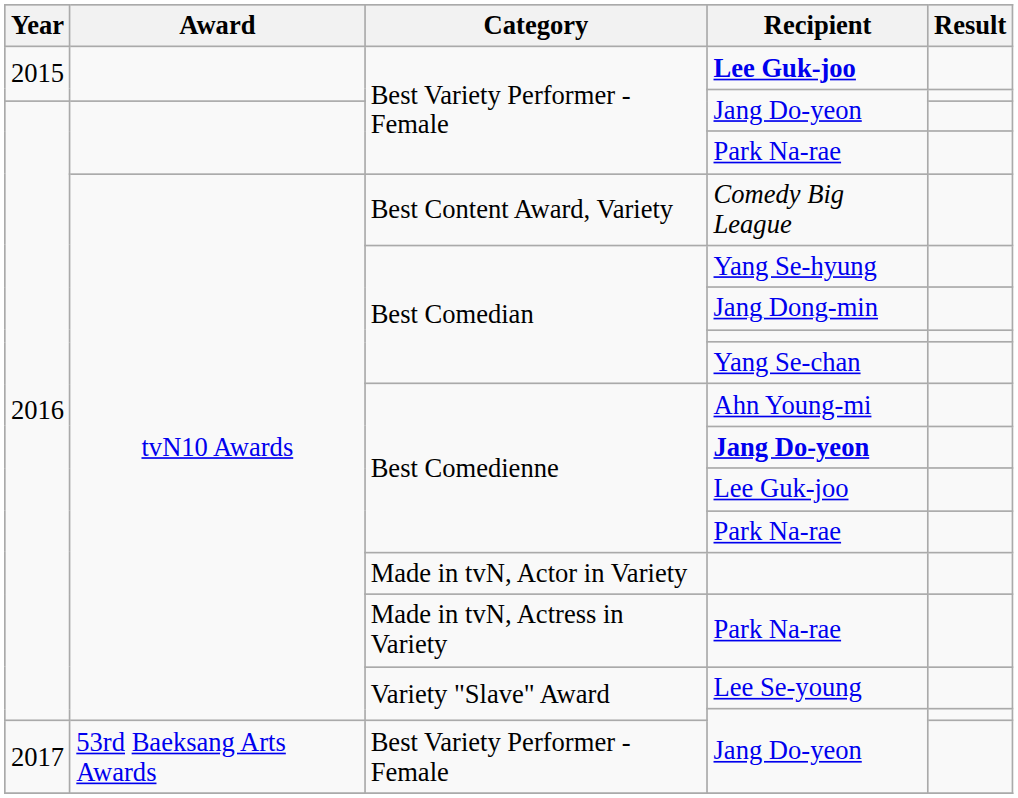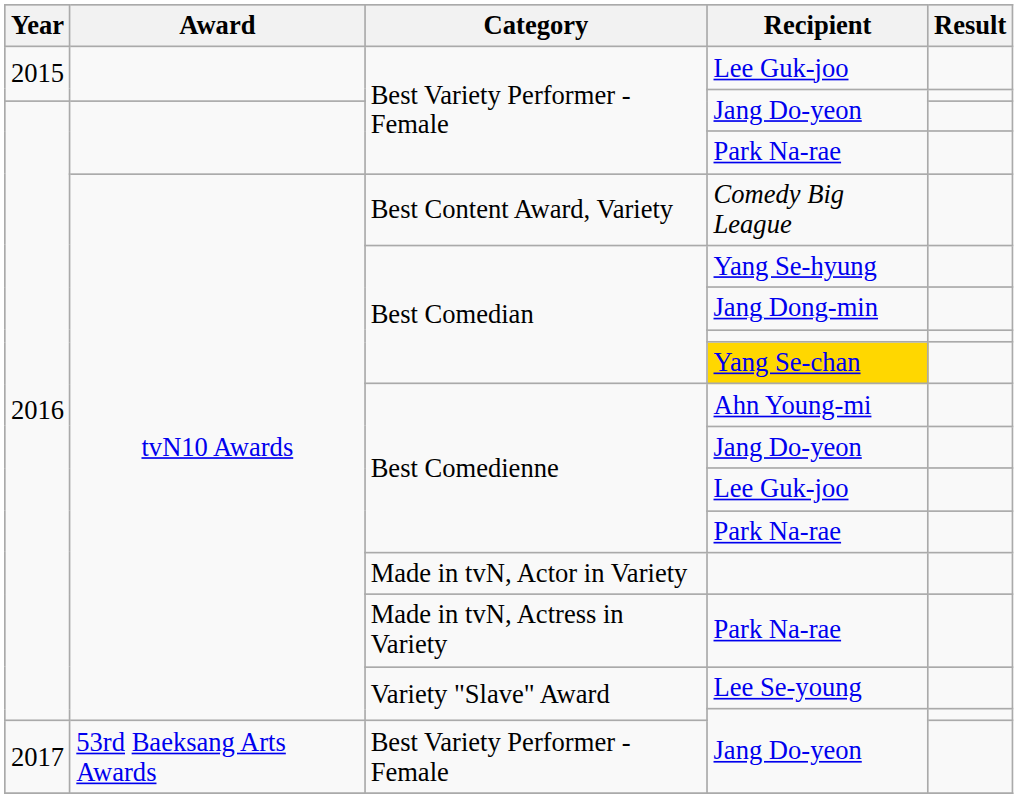 <table class=wikitable>
 <tr>
 <th>Year</th>
 <th>Award</th>
 <th>Category</th>
 <th>Recipient</th>
 <th>Result</th>
 </tr>
 <tr>
 <td rowspan=2>2015</td>
 <td rowspan=2></td>
 <td rowspan=4>Best Variety Performer - Female</td>
-<td><strong><a href='#'>Lee Guk-joo</a></strong></td>
+<td><a href='#'>Lee Guk-joo</a></td>
 <td></td>
 </tr>
 <tr>
 <td rowspan=2><a href='#'>Jang Do-yeon</a></td>
 <td></td>
 </tr>
 <tr>
 <td rowspan=15>2016</td>
 <td rowspan=2></td>
 <td></td>
 </tr>
 <tr>
 <td><a href='#'>Park Na-rae</a></td>
 <td></td>
 </tr>
 <tr>
 <td rowspan=13 style="text-align:center;"><a href='#'>tvN10 Awards</a></td>
 <td>Best Content Award, Variety</td>
 <td><em>Comedy Big League</em></td>
 <td></td>
 </tr>
 <tr>
 <td rowspan=4>Best Comedian</td>
 <td><a href='#'>Yang Se-hyung</a></td>
 <td></td>
 </tr>
 <tr>
 <td><a href='#'>Jang Dong-min</a></td>
 <td></td>
 </tr>
 <tr>
 <td></td>
 <td></td>
 </tr>
 <tr>
-<td><a href='#'>Yang Se-chan</a></td>
+<td style="background: gold;"><a href='#'>Yang Se-chan</a></td>
 <td></td>
 </tr>
 <tr>
 <td rowspan=4>Best Comedienne</td>
 <td><a href='#'>Ahn Young-mi</a></td>
 <td></td>
 </tr>
 <tr>
-<td><strong><a href='#'>Jang Do-yeon</a></strong></td>
+<td><a href='#'>Jang Do-yeon</a></td>
 <td></td>
 </tr>
 <tr>
 <td><a href='#'>Lee Guk-joo</a></td>
 <td></td>
 </tr>
 <tr>
 <td><a href='#'>Park Na-rae</a></td>
 <td></td>
 </tr>
 <tr>
 <td>Made in tvN, Actor in Variety</td>
 <td></td>
 <td></td>
 </tr>
 <tr>
 <td>Made in tvN, Actress in Variety</td>
 <td><a href='#'>Park Na-rae</a></td>
 <td></td>
 </tr>
 <tr>
 <td rowspan=2>Variety "Slave" Award</td>
 <td><a href='#'>Lee Se-young</a></td>
 <td></td>
 </tr>
 <tr>
 <td rowspan=2><a href='#'>Jang Do-yeon</a></td>
 <td></td>
 </tr>
 <tr>
 <td rowspan=1>2017</td>
 <td rowspan=1><a href='#'>53rd</a> <a href='#'>Baeksang Arts Awards</a></td>
 <td>Best Variety Performer - Female</td>
 <td></td>
 </tr>
 <tr>
 </tr>
 </table>
